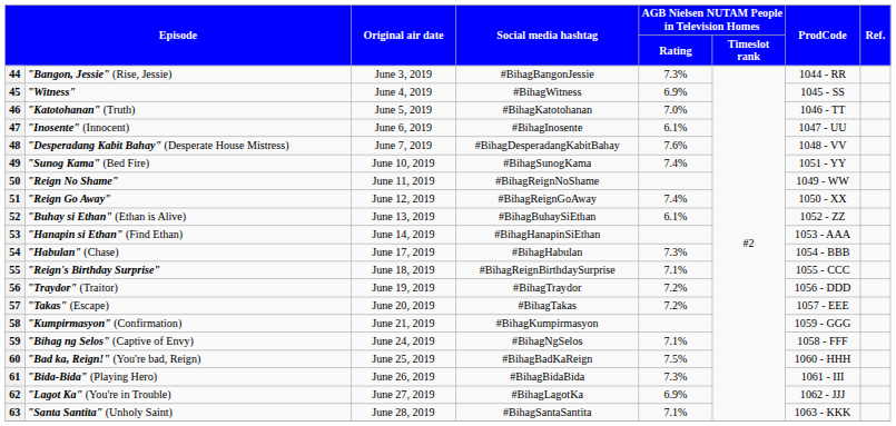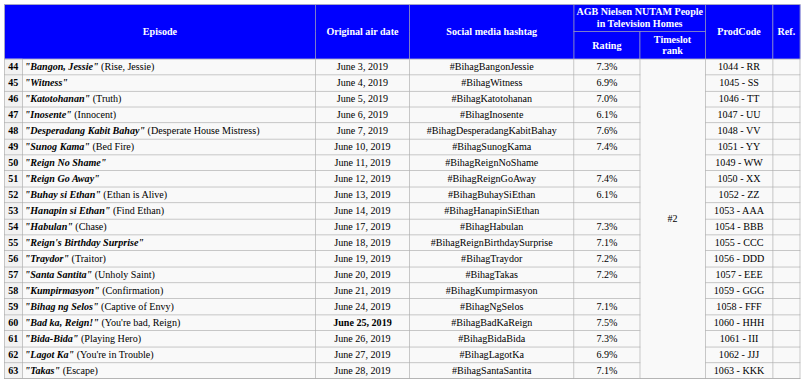 <table class="wikitable" style="text-align:center; font-size:100%; line-height:18px;" width="100%">
 <tr>
 <th style="background-color:#0000FF; color:#ffffff;" colspan="2" rowspan="2">Episode</th>
 <th style="background-color:#0000FF; color:white" rowspan="2">Original air date</th>
 <th style="background-color:#0000FF; color:white" rowspan="2">Social media hashtag</th>
 <th style="background-color:#0000FF; color:#ffffff;" colspan="2">AGB Nielsen NUTAM People in Television Homes</th>
 <th style="background-color:#0000FF; color:#ffffff;" rowspan="2">ProdCode</th>
 <th style="background-color:#0000FF;  color:#ffffff;" rowspan="2">Ref.</th>
 </tr>
 <tr>
 <th style="background-color:#0000FF; width:75px; color:#ffffff;">Rating</th>
 <th style="background-color:#0000FF;  width:75px; color:#ffffff;">Timeslot<br>rank</th>
 </tr>
 <tr>
 <th>44</th>
 <td style="text-align: left;"><strong><em>"Bangon, Jessie"</em></strong> (Rise, Jessie)</td>
 <td>June 3, 2019</td>
 <td>#BihagBangonJessie</td>
 <td>7.3%</td>
 <td rowspan="20">#2</td>
 <td>1044 - RR</td>
 <td></td>
 </tr>
 <tr>
 <th>45</th>
 <td style="text-align: left;"><strong><em>"Witness"</em></strong></td>
 <td>June 4, 2019</td>
 <td>#BihagWitness</td>
 <td>6.9%</td>
 <td>1045 - SS</td>
 <td></td>
 </tr>
 <tr>
 <th>46</th>
 <td style="text-align: left;"><strong><em>"Katotohanan"</em></strong> (Truth)</td>
 <td>June 5, 2019</td>
 <td>#BihagKatotohanan</td>
 <td>7.0%</td>
 <td>1046 - TT</td>
 <td></td>
 </tr>
 <tr>
 <th>47</th>
 <td style="text-align: left;"><strong><em>"Inosente"</em></strong> (Innocent)</td>
 <td>June 6, 2019</td>
 <td>#BihagInosente</td>
 <td>6.1%</td>
 <td>1047 - UU</td>
 <td></td>
 </tr>
 <tr>
 <th>48</th>
 <td style="text-align: left;"><strong><em>"Desperadang Kabit Bahay"</em></strong> (Desperate House Mistress)</td>
 <td>June 7, 2019</td>
 <td>#BihagDesperadangKabitBahay</td>
 <td>7.6%</td>
 <td>1048 - VV</td>
 <td></td>
 </tr>
 <tr>
 <th>49</th>
 <td style="text-align: left;"><strong><em>"Sunog Kama"</em></strong> (Bed Fire)</td>
 <td>June 10, 2019</td>
 <td>#BihagSunogKama</td>
 <td>7.4%</td>
 <td>1051 - YY</td>
 <td></td>
 </tr>
 <tr>
 <th>50</th>
 <td style="text-align: left;"><strong><em>"Reign No Shame"</em></strong></td>
 <td>June 11, 2019</td>
 <td>#BihagReignNoShame</td>
 <td></td>
 <td>1049 - WW</td>
 <td></td>
 </tr>
 <tr>
 <th>51</th>
 <td style="text-align: left;"><strong><em>"Reign Go Away"</em></strong></td>
 <td>June 12, 2019</td>
 <td>#BihagReignGoAway</td>
 <td>7.4%</td>
 <td>1050 - XX</td>
 <td></td>
 </tr>
 <tr>
 <th>52</th>
 <td style="text-align: left;"><strong><em>"Buhay si Ethan"</em></strong> (Ethan is Alive)</td>
 <td>June 13, 2019</td>
 <td>#BihagBuhaySiEthan</td>
 <td>6.1%</td>
 <td>1052 - ZZ</td>
 <td></td>
 </tr>
 <tr>
 <th>53</th>
 <td style="text-align: left;"><strong><em>"Hanapin si Ethan"</em></strong> (Find Ethan)</td>
 <td>June 14, 2019</td>
 <td>#BihagHanapinSiEthan</td>
 <td></td>
 <td>1053 - AAA</td>
 <td></td>
 </tr>
 <tr>
 <th>54</th>
 <td style="text-align: left;"><strong><em>"Habulan"</em></strong> (Chase)</td>
 <td>June 17, 2019</td>
 <td>#BihagHabulan</td>
 <td>7.3%</td>
 <td>1054 - BBB</td>
 <td></td>
 </tr>
 <tr>
 <th>55</th>
 <td style="text-align: left;"><strong><em>"Reign's Birthday Surprise"</em></strong></td>
 <td>June 18, 2019</td>
 <td>#BihagReignBirthdaySurprise</td>
 <td>7.1%</td>
 <td>1055 - CCC</td>
 <td></td>
 </tr>
 <tr>
 <th>56</th>
 <td style="text-align: left;"><strong><em>"Traydor"</em></strong> (Traitor)</td>
 <td>June 19, 2019</td>
 <td>#BihagTraydor</td>
 <td>7.2%</td>
 <td>1056 - DDD</td>
 <td></td>
 </tr>
 <tr>
 <th>57</th>
-<td style="text-align: left;"><strong><em>"Takas"</em></strong> (Escape)</td>
+<td style="text-align: left;"><strong><em>"Santa Santita"</em></strong> (Unholy Saint)</td>
 <td>June 20, 2019</td>
 <td>#BihagTakas</td>
 <td>7.2%</td>
 <td>1057 - EEE</td>
 <td></td>
 </tr>
 <tr>
 <th>58</th>
 <td style="text-align: left;"><strong><em>"Kumpirmasyon"</em></strong> (Confirmation)</td>
 <td>June 21, 2019</td>
 <td>#BihagKumpirmasyon</td>
 <td></td>
 <td>1059 - GGG</td>
 <td></td>
 </tr>
 <tr>
 <th>59</th>
 <td style="text-align: left;"><strong><em>"Bihag ng Selos"</em></strong> (Captive of Envy)</td>
 <td>June 24, 2019</td>
 <td>#BihagNgSelos</td>
 <td>7.1%</td>
 <td>1058 - FFF</td>
 <td></td>
 </tr>
 <tr>
 <th>60</th>
 <td style="text-align: left;"><strong><em>"Bad ka, Reign!"</em></strong> (You're bad, Reign)</td>
-<td>June 25, 2019</td>
+<td><strong>June 25, 2019</strong></td>
 <td>#BihagBadKaReign</td>
 <td>7.5%</td>
 <td>1060 - HHH</td>
 <td></td>
 </tr>
 <tr>
 <th>61</th>
 <td style="text-align: left;"><strong><em>"Bida-Bida"</em></strong> (Playing Hero)</td>
 <td>June 26, 2019</td>
 <td>#BihagBidaBida</td>
 <td>7.3%</td>
 <td>1061 - III</td>
 <td></td>
 </tr>
 <tr>
 <th>62</th>
 <td style="text-align: left;"><strong><em>"Lagot Ka"</em></strong> (You're in Trouble)</td>
 <td>June 27, 2019</td>
 <td>#BihagLagotKa</td>
 <td>6.9%</td>
 <td>1062 - JJJ</td>
 <td></td>
 </tr>
 <tr>
 <th>63</th>
-<td style="text-align: left;"><strong><em>"Santa Santita"</em></strong> (Unholy Saint)</td>
+<td style="text-align: left;"><strong><em>"Takas"</em></strong> (Escape)</td>
 <td>June 28, 2019</td>
 <td>#BihagSantaSantita</td>
 <td>7.1%</td>
 <td>1063 - KKK</td>
 <td></td>
 </tr>
 <tr>
 </tr>
 </table>
